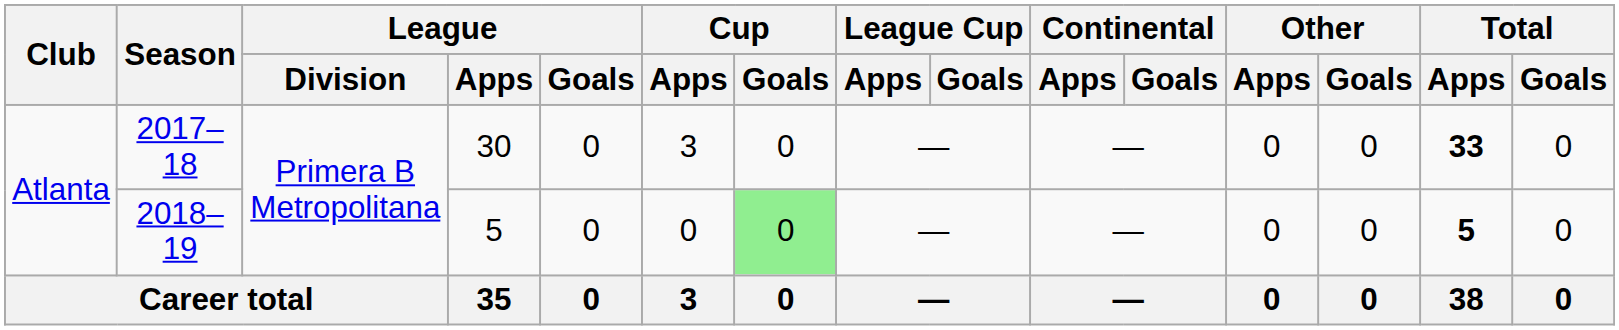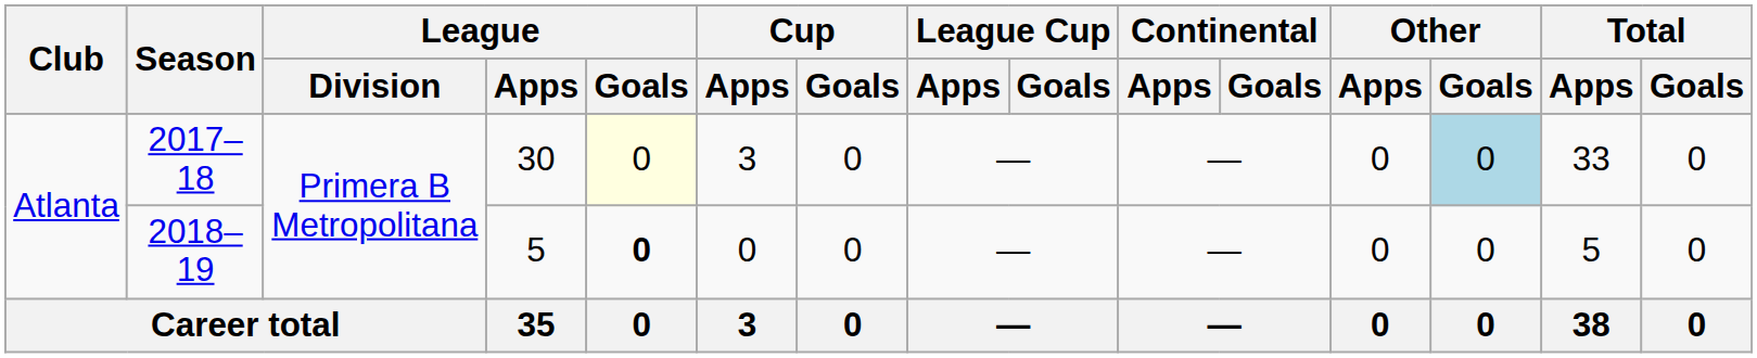 <table class="wikitable" style="text-align:center">
 <tr>
 <th rowspan="2">Club</th>
 <th rowspan="2">Season</th>
 <th colspan="3">League</th>
 <th colspan="2">Cup</th>
 <th colspan="2">League Cup</th>
 <th colspan="2">Continental</th>
 <th colspan="2">Other</th>
 <th colspan="2">Total</th>
 </tr>
 <tr>
 <th>Division</th>
 <th>Apps</th>
 <th>Goals</th>
 <th>Apps</th>
 <th>Goals</th>
 <th>Apps</th>
 <th>Goals</th>
 <th>Apps</th>
 <th>Goals</th>
 <th>Apps</th>
 <th>Goals</th>
 <th>Apps</th>
 <th>Goals</th>
 </tr>
 <tr>
 <td rowspan="2"><a href='#'>Atlanta</a></td>
 <td><a href='#'>2017–18</a></td>
 <td rowspan="2"><a href='#'>Primera B Metropolitana</a></td>
 <td>30</td>
-<td>0</td>
+<td style="background: lightyellow;">0</td>
 <td>3</td>
 <td>0</td>
 <td colspan="2">—</td>
 <td colspan="2">—</td>
 <td>0</td>
-<td>0</td>
-<td><strong>33</strong></td>
+<td style="background: lightblue;">0</td>
+<td>33</td>
 <td>0</td>
 </tr>
 <tr>
 <td><a href='#'>2018–19</a></td>
 <td>5</td>
+<td><strong>0</strong></td>
 <td>0</td>
 <td>0</td>
-<td style="background: lightgreen;">0</td>
 <td colspan="2">—</td>
 <td colspan="2">—</td>
 <td>0</td>
 <td>0</td>
-<td><strong>5</strong></td>
+<td>5</td>
 <td>0</td>
 </tr>
 <tr>
 <th colspan="3">Career total</th>
 <th>35</th>
 <th>0</th>
 <th>3</th>
 <th>0</th>
 <th colspan="2">—</th>
 <th colspan="2">—</th>
 <th>0</th>
 <th>0</th>
 <th>38</th>
 <th>0</th>
 </tr>
 </table>
